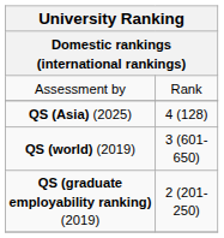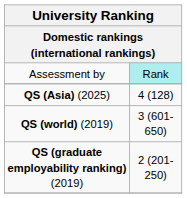 <table class="wikitable" width=24% align=right style="text-align:center;">
 <tr>
 <th colspan ="2">University Ranking </th>
 </tr>
 <tr>
 <th colspan ="2"><small>Domestic rankings (international rankings)</small></th>
 </tr>
 <tr>
 <td width=12%><small>Assessment by</small></td>
-<td width=5%><small>Rank</small></td>
+<td width=5% style="background: paleturquoise;"><small>Rank</small></td>
 </tr>
 <tr>
 </tr>
 <tr>
 <td width="10%"><small><strong>QS (Asia)</strong> (2025)</small></td>
 <td width="5%"><small> 4 (128) </small></td>
 </tr>
 <tr>
 <td width="10%"><small><strong>QS (world)</strong> (2019)</small></td>
 <td width="5%"><small> 3 (601-650) </small></td>
 </tr>
 <tr>
 <td><small><strong>QS (graduate employability ranking)</strong> (2019)</small></td>
 <td><small>2 (201-250)</small></td>
 </tr>
 <tr>
 </tr>
 </table>
